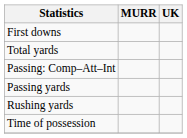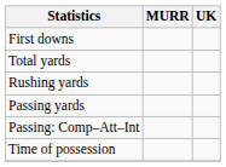 <table class="wikitable" style="float: left;">
 <tr>
 <th>Statistics</th>
 <th>MURR</th>
 <th>UK</th>
 </tr>
 <tr>
 <td>First downs</td>
 <td></td>
 <td></td>
 </tr>
 <tr>
 <td>Total yards</td>
 <td></td>
 <td></td>
 </tr>
 <tr>
-<td>Passing: Comp–Att–Int</td>
+<td>Rushing yards</td>
 <td></td>
 <td></td>
 </tr>
 <tr>
 <td>Passing yards</td>
 <td></td>
 <td></td>
 </tr>
 <tr>
-<td>Rushing yards</td>
+<td>Passing: Comp–Att–Int</td>
 <td></td>
 <td></td>
 </tr>
 <tr>
 <td>Time of possession</td>
 <td></td>
 <td></td>
 </tr>
 <tr>
 </tr>
 </table>
